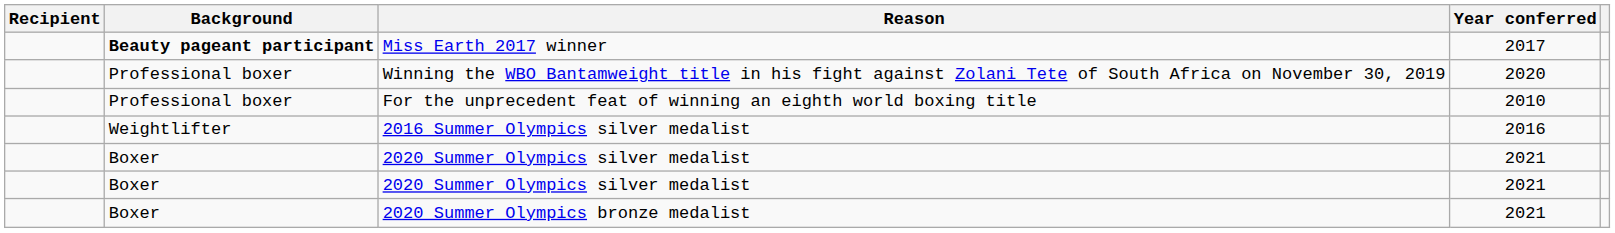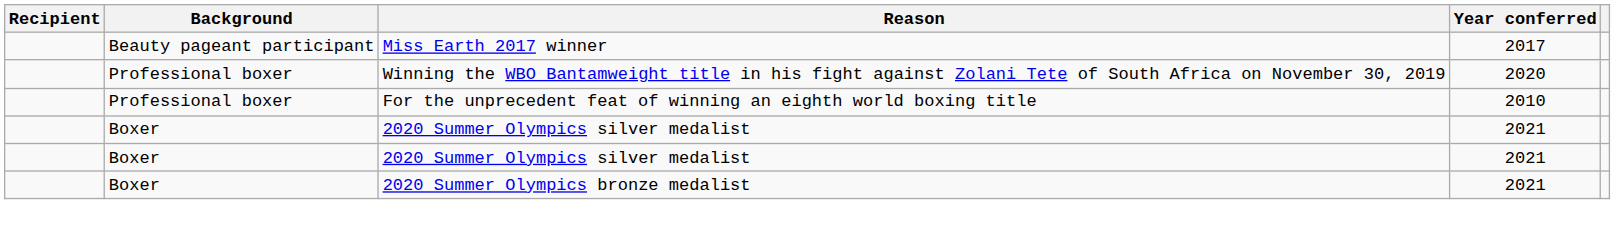 <table class="wikitable sortable" style="text-align: left; width=100%;">
 <tr>
 <th>Recipient</th>
 <th class="unsortable">Background </th>
 <th class="unsortable">Reason</th>
 <th>Year conferred</th>
 <th class="unsortable"></th>
 </tr>
 <tr>
 <td></td>
-<td><strong>Beauty pageant participant</strong></td>
+<td>Beauty pageant participant</td>
 <td><a href='#'>Miss Earth 2017</a> winner</td>
 <td align=center>2017</td>
 <td align=center></td>
 </tr>
 <tr>
 <td></td>
 <td>Professional boxer</td>
 <td>Winning the <a href='#'>WBO Bantamweight title</a> in his fight against <a href='#'>Zolani Tete</a> of South Africa on November 30, 2019</td>
 <td align=center>2020</td>
 <td align=center></td>
 </tr>
 <tr>
 <td></td>
 <td>Professional boxer</td>
 <td>For the unprecedent feat of winning an eighth world boxing title</td>
 <td align=center>2010</td>
-<td align=center></td>
-</tr>
-<tr>
-<td></td>
-<td>Weightlifter</td>
-<td><a href='#'>2016 Summer Olympics</a> silver medalist</td>
-<td align=center>2016</td>
 <td align=center></td>
 </tr>
 <tr>
 <td></td>
 <td>Boxer</td>
 <td><a href='#'>2020 Summer Olympics</a> silver medalist</td>
 <td align=center>2021</td>
 <td align=center></td>
 </tr>
 <tr>
 <td></td>
 <td>Boxer</td>
 <td><a href='#'>2020 Summer Olympics</a> silver medalist</td>
 <td align=center>2021</td>
 <td align=center></td>
 </tr>
 <tr>
 <td></td>
 <td>Boxer</td>
 <td><a href='#'>2020 Summer Olympics</a> bronze medalist</td>
 <td align=center>2021</td>
 <td align=center></td>
 </tr>
 </table>
